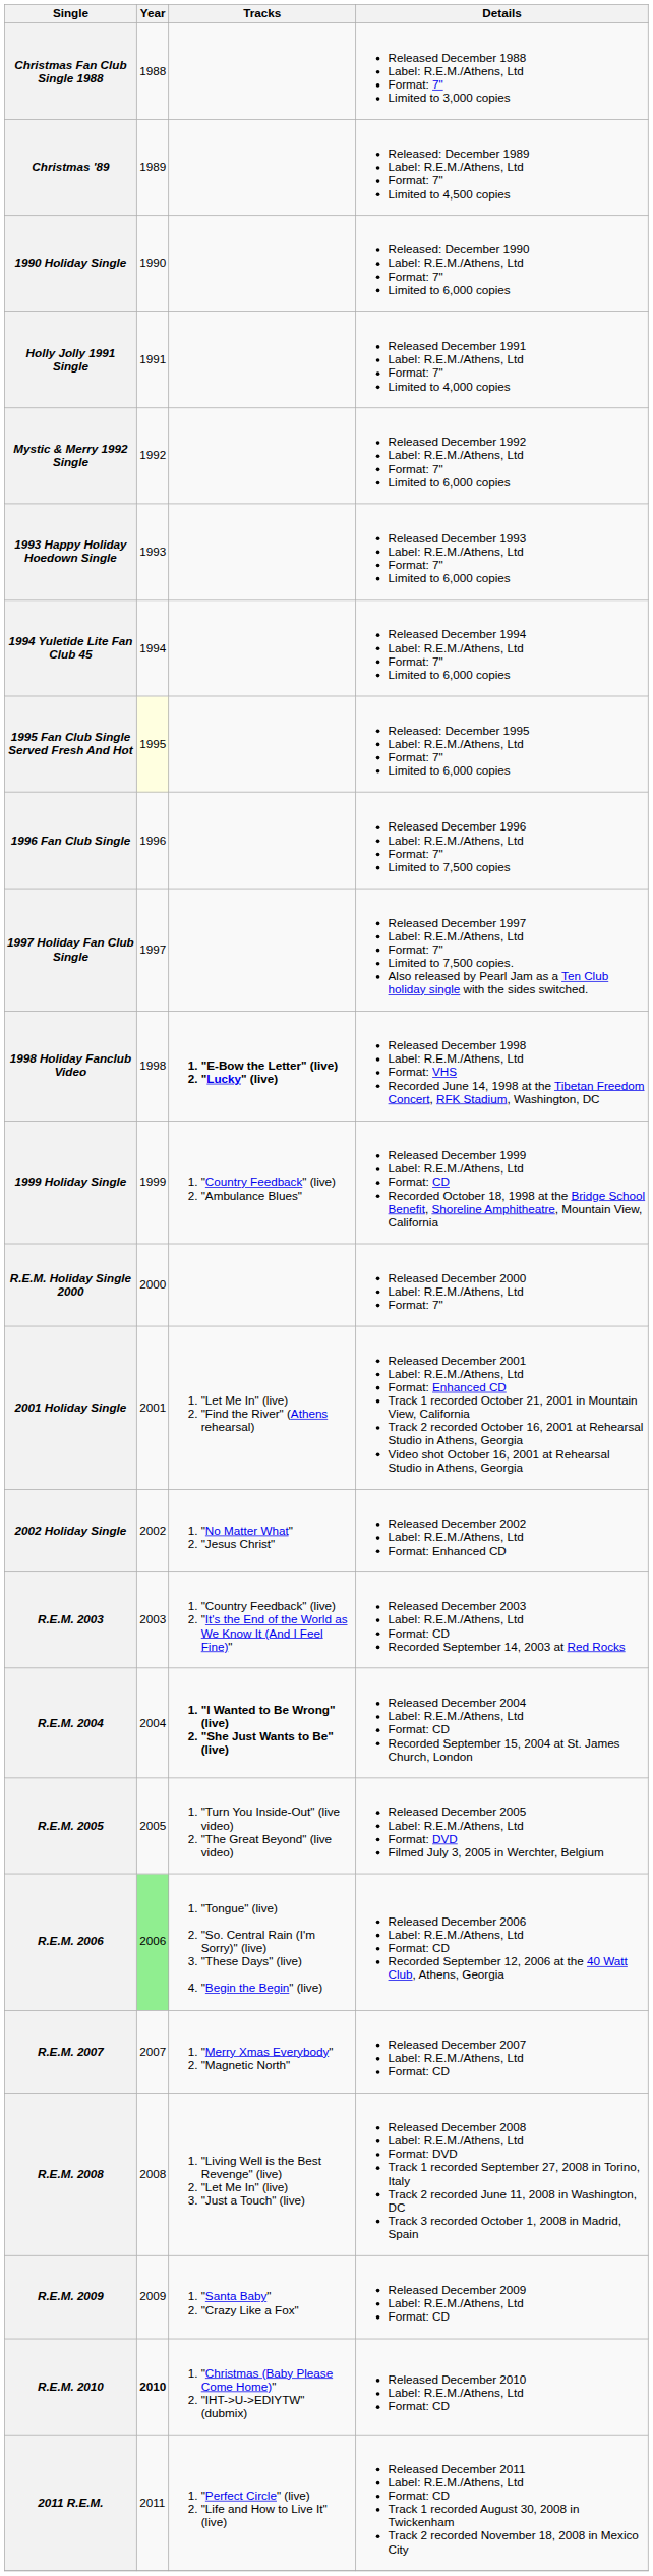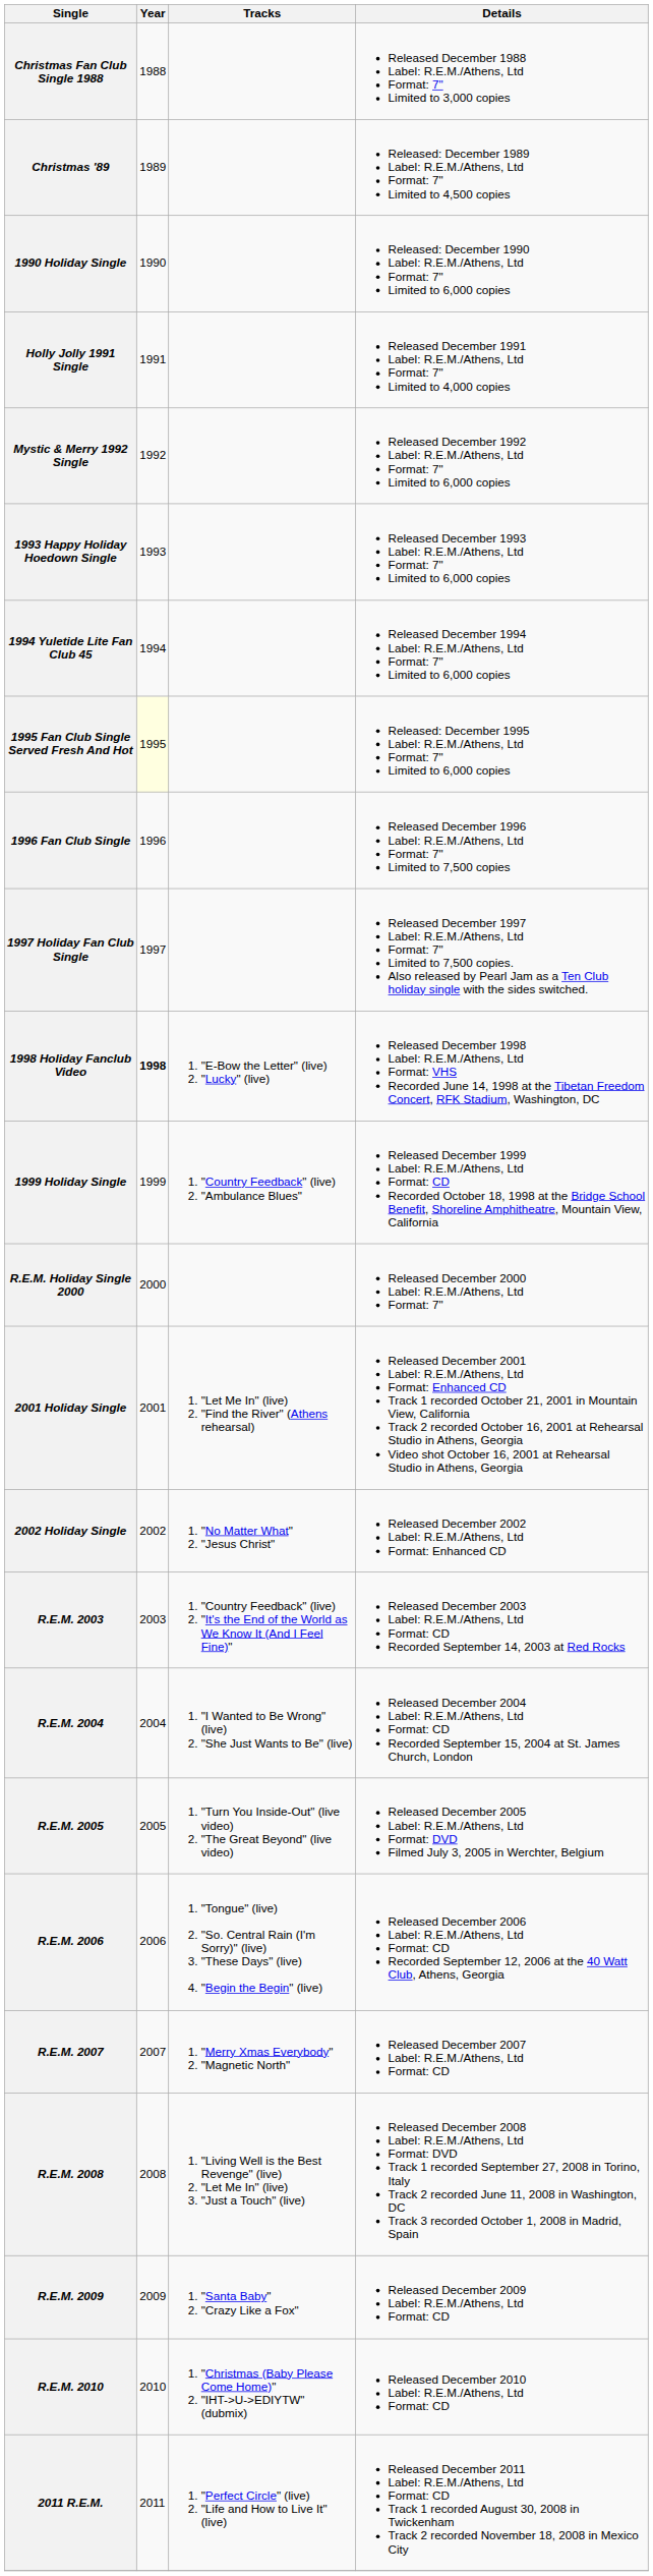 <table class="wikitable plainrowheaders">
 <tr>
 <th scope="col">Single</th>
 <th scope="col">Year</th>
 <th scope="col">Tracks</th>
 <th scope="col">Details</th>
 </tr>
 <tr>
 <th scope="row"><em>Christmas Fan Club Single 1988</em> </th>
 <td>1988</td>
 <td><br></td>
 <td><br><ul><li>Released December 1988</li><li>Label: R.E.M./Athens, Ltd</li><li>Format: <a href='#'>7"</a></li><li>Limited to 3,000 copies</li></ul></td>
 </tr>
 <tr>
 <th scope="row"><em>Christmas '89</em> </th>
 <td>1989</td>
 <td><br></td>
 <td><br><ul><li>Released: December 1989</li><li>Label: R.E.M./Athens, Ltd</li><li>Format: 7"</li><li>Limited to 4,500 copies</li></ul></td>
 </tr>
 <tr>
 <th scope="row"><em>1990 Holiday Single</em> </th>
 <td>1990</td>
 <td><br></td>
 <td><br><ul><li>Released: December 1990</li><li>Label: R.E.M./Athens, Ltd</li><li>Format: 7"</li><li>Limited to 6,000 copies</li></ul></td>
 </tr>
 <tr>
 <th scope="row"><em>Holly Jolly 1991 Single</em> </th>
 <td>1991</td>
 <td><br></td>
 <td><br><ul><li>Released December 1991</li><li>Label: R.E.M./Athens, Ltd</li><li>Format: 7"</li><li>Limited to 4,000 copies</li></ul></td>
 </tr>
 <tr>
 <th scope="row"><em>Mystic & Merry 1992 Single</em> </th>
 <td>1992</td>
 <td><br></td>
 <td><br><ul><li>Released December 1992</li><li>Label: R.E.M./Athens, Ltd</li><li>Format: 7"</li><li>Limited to 6,000 copies</li></ul></td>
 </tr>
 <tr>
 <th scope="row"><em>1993 Happy Holiday Hoedown Single</em> </th>
 <td>1993</td>
 <td><br></td>
 <td><br><ul><li>Released December 1993</li><li>Label: R.E.M./Athens, Ltd</li><li>Format: 7"</li><li>Limited to 6,000 copies</li></ul></td>
 </tr>
 <tr>
 <th scope="row"><em>1994 Yuletide Lite Fan Club 45</em></th>
 <td>1994</td>
 <td><br></td>
 <td><br><ul><li>Released December 1994</li><li>Label: R.E.M./Athens, Ltd</li><li>Format: 7"</li><li>Limited to 6,000 copies</li></ul></td>
 </tr>
 <tr>
 <th scope="row"><em>1995 Fan Club Single Served Fresh And Hot</em></th>
 <td style="background: lightyellow;">1995</td>
 <td><br></td>
 <td><br><ul><li>Released: December 1995</li><li>Label: R.E.M./Athens, Ltd</li><li>Format: 7"</li><li>Limited to 6,000 copies</li></ul></td>
 </tr>
 <tr>
 <th scope="row"><em>1996 Fan Club Single</em></th>
 <td>1996</td>
 <td><br></td>
 <td><br><ul><li>Released December 1996</li><li>Label: R.E.M./Athens, Ltd</li><li>Format: 7"</li><li>Limited to 7,500 copies</li></ul></td>
 </tr>
 <tr>
 <th scope="row"><em>1997 Holiday Fan Club Single</em></th>
 <td>1997</td>
 <td><br></td>
 <td><br><ul><li>Released December 1997</li><li>Label: R.E.M./Athens, Ltd</li><li>Format: 7"</li><li>Limited to 7,500 copies.</li><li>Also released by Pearl Jam as a <a href='#'>Ten Club holiday single</a> with the sides switched.</li></ul></td>
 </tr>
 <tr>
 <th scope="row"><em>1998 Holiday Fanclub Video</em></th>
-<td>1998</td>
-<td><strong><br><ol><li>"E-Bow the Letter" (live)<br></li><li>"<a href='#'>Lucky</a>" (live)<br></li></ol></strong></td>
+<td><strong>1998</strong></td>
+<td><br><ol><li>"E-Bow the Letter" (live)<br></li><li>"<a href='#'>Lucky</a>" (live)<br></li></ol></td>
 <td><br><ul><li>Released December 1998</li><li>Label: R.E.M./Athens, Ltd</li><li>Format: <a href='#'>VHS</a></li><li>Recorded June 14, 1998 at the <a href='#'>Tibetan Freedom Concert</a>, <a href='#'>RFK Stadium</a>, Washington, DC</li></ul></td>
 </tr>
 <tr>
 <th scope="row"><em>1999 Holiday Single</em></th>
 <td>1999</td>
 <td><br><ol><li>"<a href='#'>Country Feedback</a>" (live)<br></li><li>"Ambulance Blues"<br></li></ol></td>
 <td><br><ul><li>Released December 1999</li><li>Label: R.E.M./Athens, Ltd</li><li>Format: <a href='#'>CD</a></li><li>Recorded October 18, 1998 at the <a href='#'>Bridge School Benefit</a>, <a href='#'>Shoreline Amphitheatre</a>, Mountain View, California</li></ul></td>
 </tr>
 <tr>
 <th scope="row"><em>R.E.M. Holiday Single 2000</em></th>
 <td>2000</td>
 <td><br></td>
 <td><br><ul><li>Released December 2000</li><li>Label: R.E.M./Athens, Ltd</li><li>Format: 7"</li></ul></td>
 </tr>
 <tr>
 <th scope="row"><em>2001 Holiday Single</em></th>
 <td>2001</td>
 <td><br><ol><li>"Let Me In" (live)</li><li>"Find the River" (<a href='#'>Athens</a> rehearsal)<br></li></ol></td>
 <td><br><ul><li>Released December 2001</li><li>Label: R.E.M./Athens, Ltd</li><li>Format: <a href='#'>Enhanced CD</a></li><li>Track 1 recorded October 21, 2001 in Mountain View, California</li><li>Track 2 recorded October 16, 2001 at Rehearsal Studio in Athens, Georgia</li><li>Video shot October 16, 2001 at Rehearsal Studio in Athens, Georgia</li></ul></td>
 </tr>
 <tr>
 <th scope="row"><em>2002 Holiday Single</em></th>
 <td>2002</td>
 <td><br><ol><li>"<a href='#'>No Matter What</a>"</li><li>"Jesus Christ"<br></li></ol></td>
 <td><br><ul><li>Released December 2002</li><li>Label: R.E.M./Athens, Ltd</li><li>Format: Enhanced CD</li></ul></td>
 </tr>
 <tr>
 <th scope="row"><em>R.E.M. 2003</em></th>
 <td>2003</td>
 <td><br><ol><li>"Country Feedback" (live)<br></li><li>"<a href='#'>It's the End of the World as We Know It (And I Feel Fine)</a>"<br></li></ol></td>
 <td><br><ul><li>Released December 2003</li><li>Label: R.E.M./Athens, Ltd</li><li>Format: CD</li><li>Recorded September 14, 2003 at <a href='#'>Red Rocks</a></li></ul></td>
 </tr>
 <tr>
 <th scope="row"><em>R.E.M. 2004</em></th>
 <td>2004</td>
-<td><strong><br><ol><li>"I Wanted to Be Wrong" (live)</li><li>"She Just Wants to Be" (live)</li></ol></strong></td>
+<td><br><ol><li>"I Wanted to Be Wrong" (live)</li><li>"She Just Wants to Be" (live)</li></ol></td>
 <td><br><ul><li>Released December 2004</li><li>Label: R.E.M./Athens, Ltd</li><li>Format: CD</li><li>Recorded September 15, 2004 at St. James Church, London</li></ul></td>
 </tr>
 <tr>
 <th scope="row"><em>R.E.M. 2005</em></th>
 <td>2005</td>
 <td><br><ol><li>"Turn You Inside-Out" (live video)</li><li>"The Great Beyond" (live video)</li></ol></td>
 <td><br><ul><li>Released December 2005</li><li>Label: R.E.M./Athens, Ltd</li><li>Format: <a href='#'>DVD</a></li><li>Filmed July 3, 2005 in Werchter, Belgium</li></ul></td>
 </tr>
 <tr>
 <th scope="row"><em>R.E.M. 2006</em></th>
-<td style="background: lightgreen;">2006</td>
+<td>2006</td>
 <td><br><ol><li>"Tongue" (live)<br><br></li><li>"So. Central Rain (I'm Sorry)" (live)<br></li><li>"These Days" (live)<br><br></li><li>"<a href='#'>Begin the Begin</a>" (live)</li></ol></td>
 <td><br><ul><li>Released December 2006</li><li>Label: R.E.M./Athens, Ltd</li><li>Format: CD</li><li>Recorded September 12, 2006 at the <a href='#'>40 Watt Club</a>, Athens, Georgia</li></ul></td>
 </tr>
 <tr>
 <th scope="row"><em>R.E.M. 2007</em></th>
 <td>2007</td>
 <td><br><ol><li>"<a href='#'>Merry Xmas Everybody</a>"</li><li>"Magnetic North"</li></ol></td>
 <td><br><ul><li>Released December 2007</li><li>Label: R.E.M./Athens, Ltd</li><li>Format: CD</li></ul></td>
 </tr>
 <tr>
 <th scope="row"><em>R.E.M. 2008</em></th>
 <td>2008</td>
 <td><br><ol><li>"Living Well is the Best Revenge" (live)</li><li>"Let Me In" (live)<br></li><li>"Just a Touch" (live)</li></ol></td>
 <td><br><ul><li>Released December 2008</li><li>Label: R.E.M./Athens, Ltd</li><li>Format: DVD</li><li>Track 1 recorded September 27, 2008 in Torino, Italy</li><li>Track 2 recorded June 11, 2008 in Washington, DC</li><li>Track 3 recorded October 1, 2008 in Madrid, Spain</li></ul></td>
 </tr>
 <tr>
 <th scope="row"><em>R.E.M. 2009</em></th>
 <td>2009</td>
 <td><br><ol><li>"<a href='#'>Santa Baby</a>"<br></li><li>"Crazy Like a Fox"<br></li></ol></td>
 <td><br><ul><li>Released December 2009</li><li>Label: R.E.M./Athens, Ltd</li><li>Format: CD</li></ul></td>
 </tr>
 <tr>
 <th scope="row"><em>R.E.M. 2010</em></th>
-<td><strong>2010</strong></td>
+<td>2010</td>
 <td><br><ol><li>"<a href='#'>Christmas (Baby Please Come Home)</a>"</li><li>"IHT->U->EDIYTW" (dubmix)</li></ol></td>
 <td><br><ul><li>Released December 2010</li><li>Label: R.E.M./Athens, Ltd</li><li>Format: CD</li></ul></td>
 </tr>
 <tr>
 <th scope="row"><em>2011 R.E.M.</em></th>
 <td>2011</td>
 <td><br><ol><li>"<a href='#'>Perfect Circle</a>" (live)</li><li>"Life and How to Live It" (live)</li></ol></td>
 <td><br><ul><li>Released December 2011</li><li>Label: R.E.M./Athens, Ltd</li><li>Format: CD</li><li>Track 1 recorded August 30, 2008 in Twickenham</li><li>Track 2 recorded November 18, 2008 in Mexico City</li></ul></td>
 </tr>
 <tr>
 </tr>
 </table>
